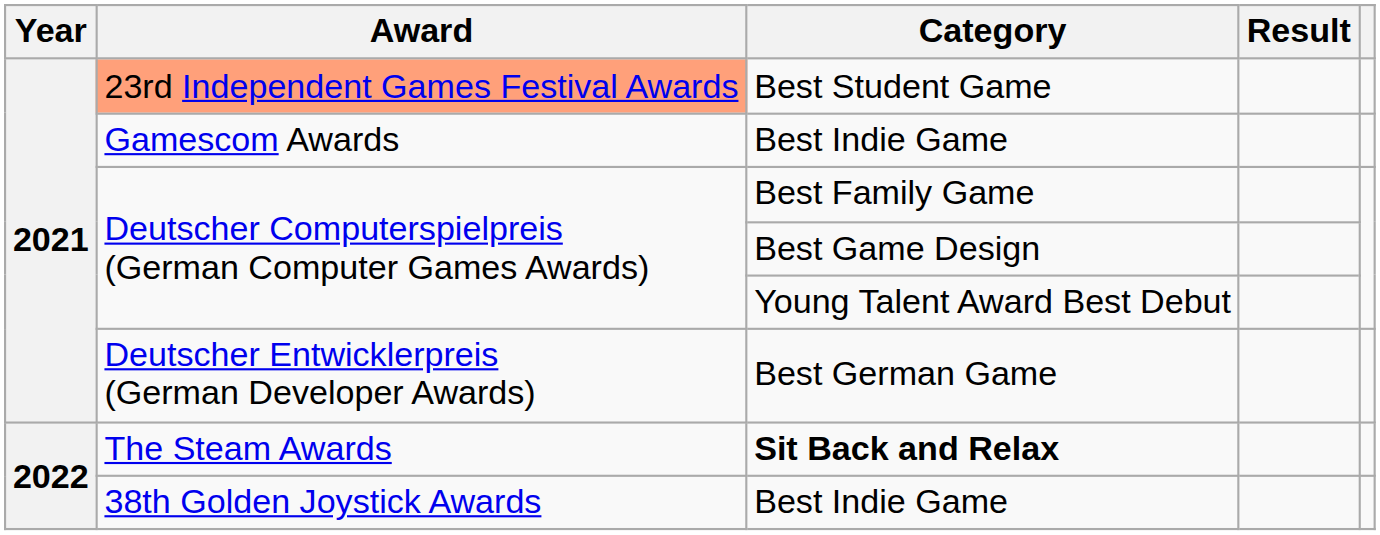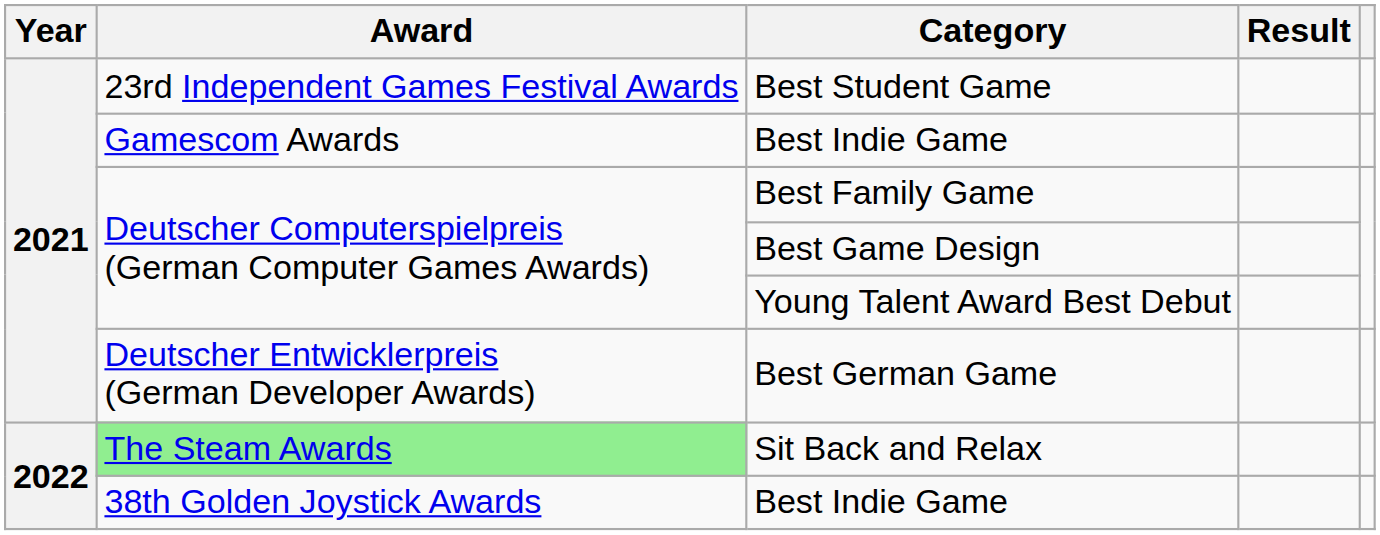 <table class="wikitable">
 <tr>
 <th scope=col>Year</th>
 <th scope=col>Award</th>
 <th scope=col>Category</th>
 <th scope=col>Result</th>
 <th scope=col></th>
 </tr>
 <tr>
 <th scope=row style="text-align:center;" rowspan="6">2021</th>
-<td style="background: lightsalmon;">23rd <a href='#'>Independent Games Festival Awards</a></td>
+<td>23rd <a href='#'>Independent Games Festival Awards</a></td>
 <td>Best Student Game</td>
 <td></td>
 <td style="text-align:center;"></td>
 </tr>
 <tr>
 <td><a href='#'>Gamescom</a> Awards</td>
 <td>Best Indie Game</td>
 <td></td>
 <td style="text-align:center;"></td>
 </tr>
 <tr>
 <td rowspan="3"><a href='#'>Deutscher Computerspielpreis</a><br>(German Computer Games Awards)</td>
 <td>Best Family Game</td>
 <td></td>
 <td style="text-align:center;"  rowspan="3"></td>
 </tr>
 <tr>
 <td>Best Game Design</td>
 <td></td>
 </tr>
 <tr>
 <td>Young Talent Award Best Debut</td>
 <td></td>
 </tr>
 <tr>
 <td><a href='#'>Deutscher Entwicklerpreis</a><br>(German Developer Awards)</td>
 <td>Best German Game</td>
 <td></td>
 <td style="text-align:center;"></td>
 </tr>
 <tr>
 <th scope=row style="text-align:center;" rowspan="2">2022</th>
-<td><a href='#'>The Steam Awards</a></td>
-<td><strong>Sit Back and Relax</strong></td>
+<td style="background: lightgreen;"><a href='#'>The Steam Awards</a></td>
+<td>Sit Back and Relax</td>
 <td></td>
 <td style="text-align:center;"></td>
 </tr>
 <tr>
 <td><a href='#'>38th Golden Joystick Awards</a></td>
 <td>Best Indie Game</td>
 <td></td>
 <td style="text-align:center;"></td>
 </tr>
 </table>
